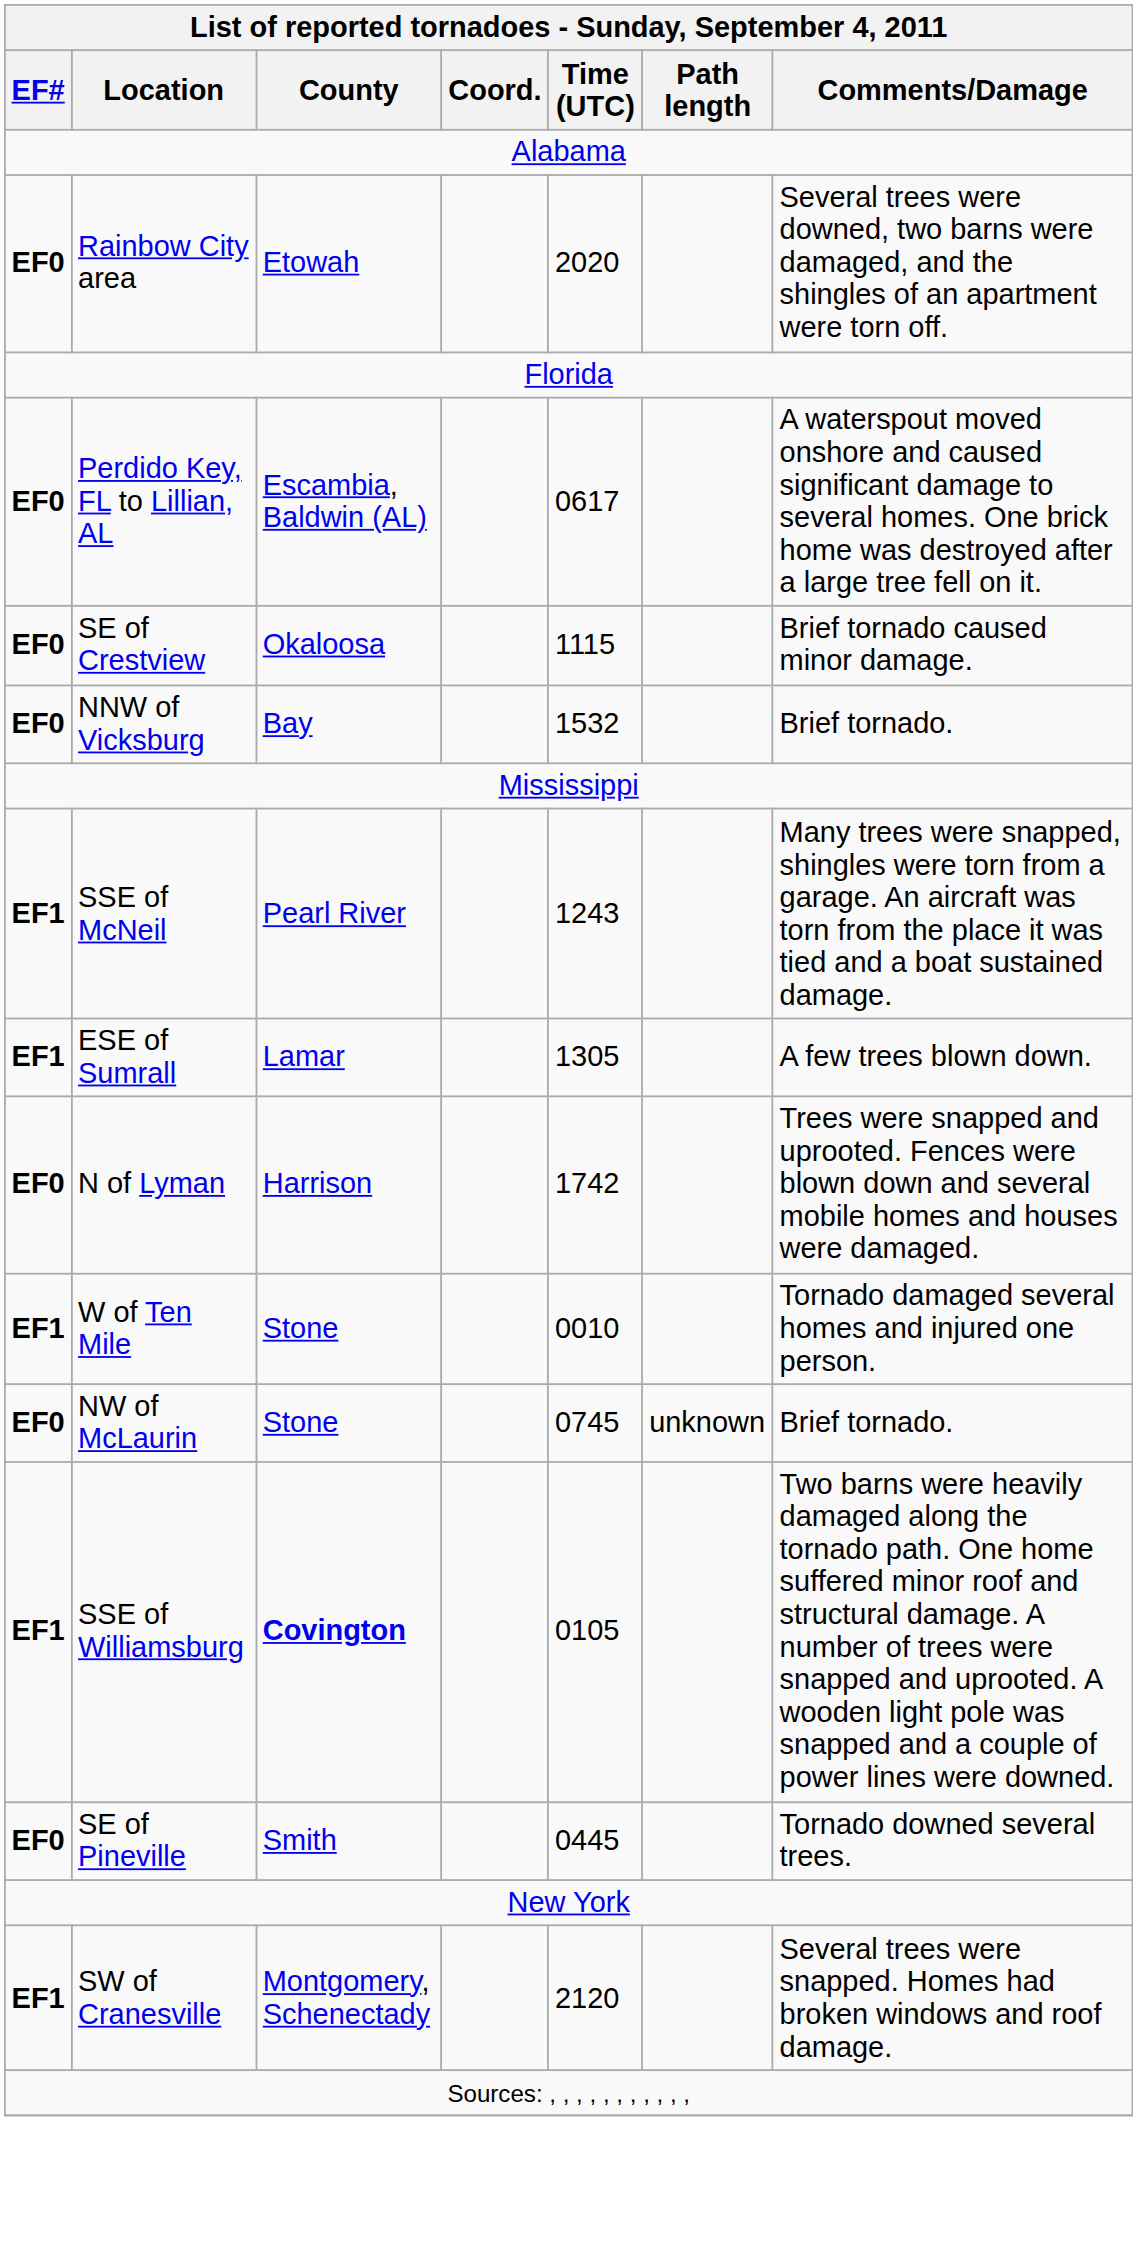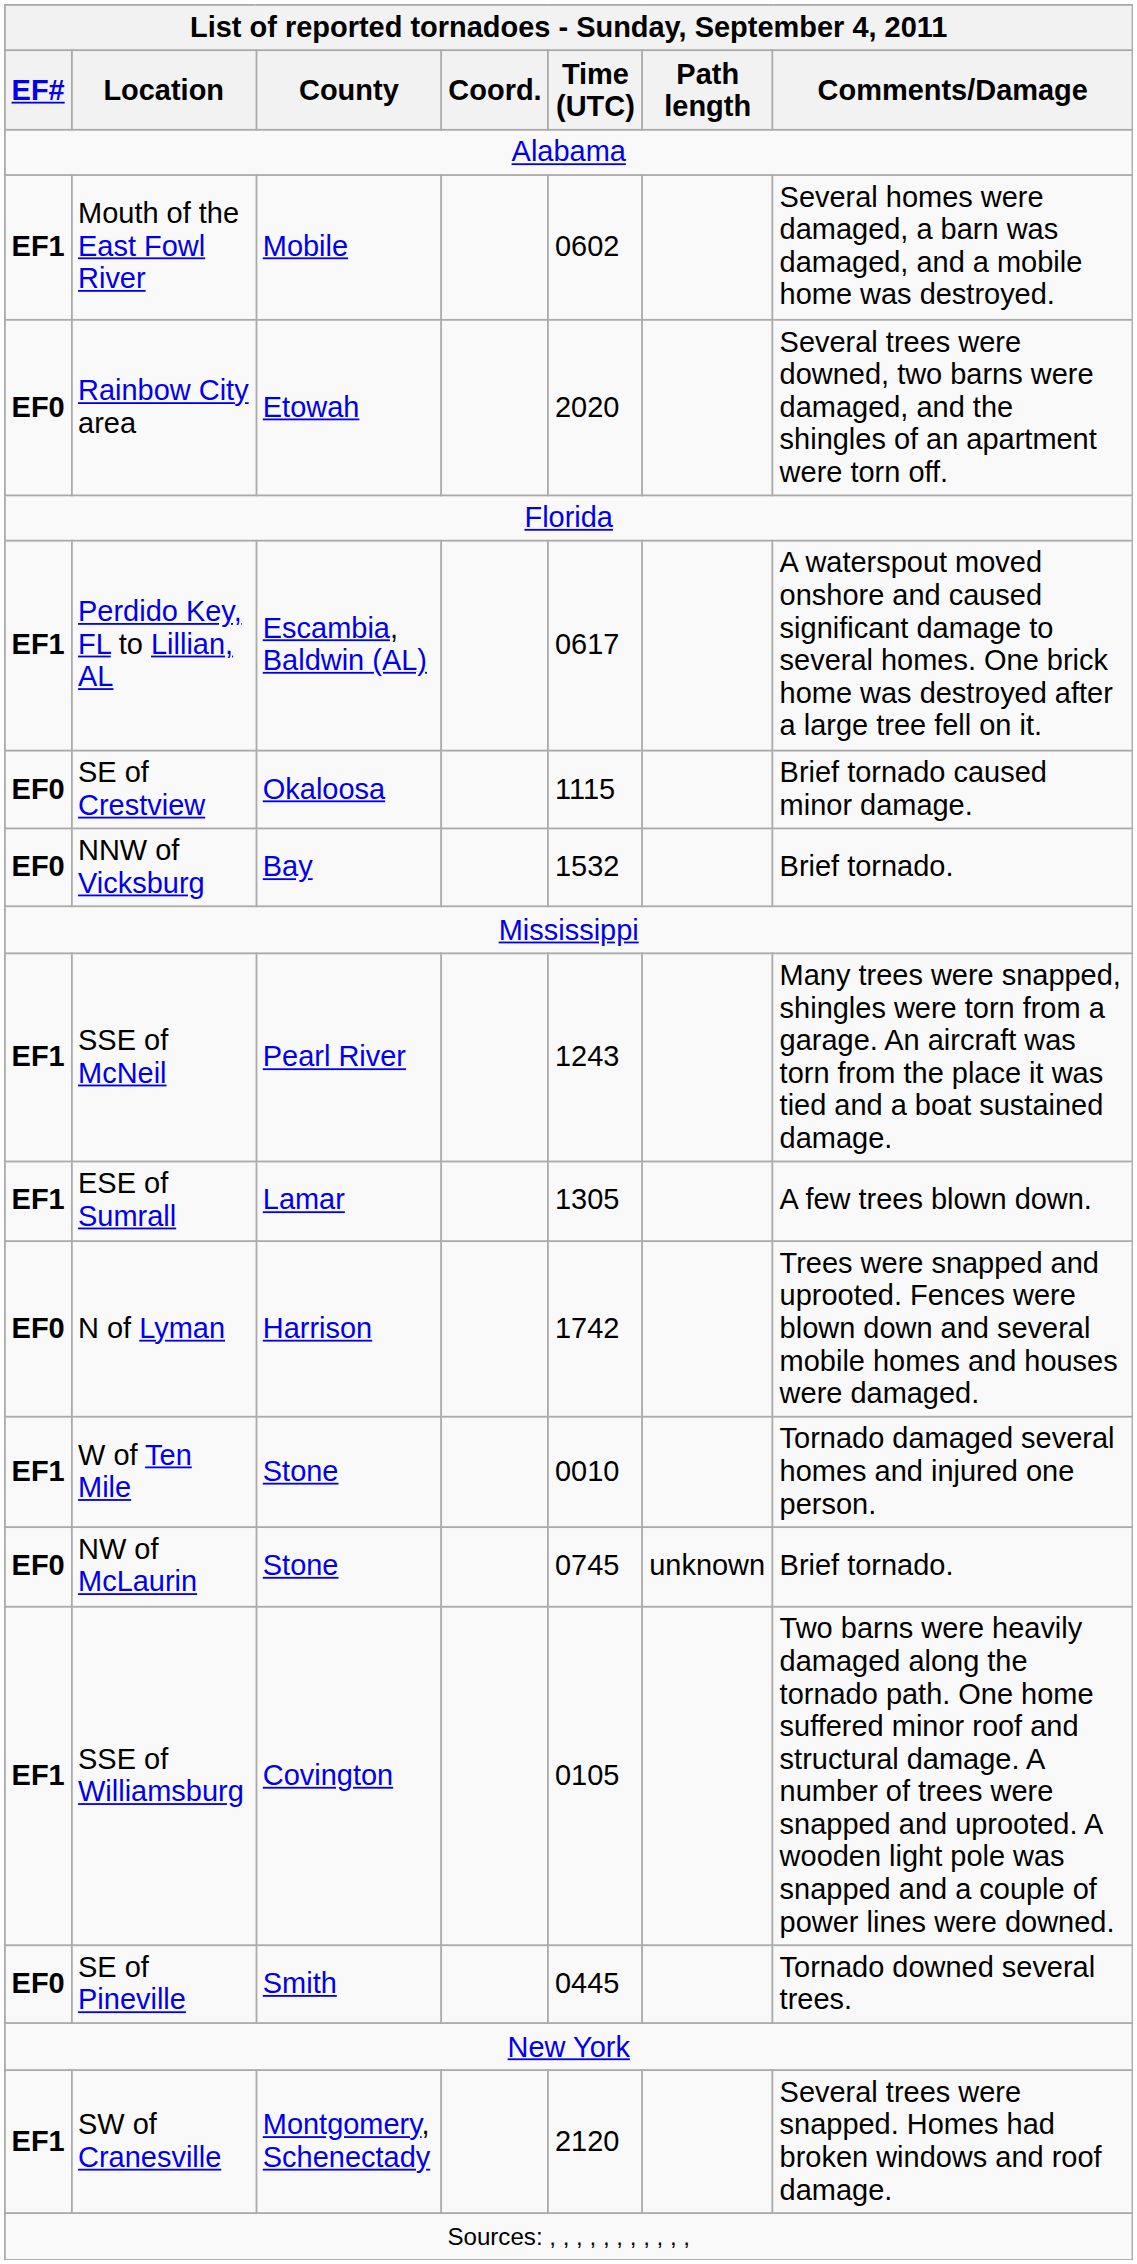 <table class="wikitable collapsible" width="100%">
 <tr>
 <th colspan="7">List of reported tornadoes - Sunday, September 4, 2011</th>
 </tr>
 <tr>
 <th><a href='#'>EF#</a></th>
 <th>Location</th>
 <th>County</th>
 <th>Coord.</th>
 <th>Time (UTC)</th>
 <th>Path length</th>
 <th>Comments/Damage</th>
 </tr>
 <tr>
 <td colspan="7" align=center><a href='#'>Alabama</a></td>
 </tr>
 <tr>
+<td><strong>EF1</strong></td>
+<td>Mouth of the <a href='#'>East Fowl River</a></td>
+<td><a href='#'>Mobile</a></td>
+<td></td>
+<td>0602</td>
+<td></td>
+<td>Several homes were damaged, a barn was damaged, and a mobile home was destroyed.</td>
+</tr>
+<tr>
 <td><strong>EF0</strong></td>
 <td><a href='#'>Rainbow City</a> area</td>
 <td><a href='#'>Etowah</a></td>
 <td></td>
 <td>2020</td>
 <td></td>
 <td>Several trees were downed, two barns were damaged, and the shingles of an apartment were torn off.</td>
 </tr>
 <tr>
 <td colspan="7" align=center><a href='#'>Florida</a></td>
 </tr>
 <tr>
-<td><strong>EF0</strong></td>
+<td><strong>EF1</strong></td>
 <td><a href='#'>Perdido Key, FL</a> to <a href='#'>Lillian, AL</a></td>
 <td><a href='#'>Escambia</a>, <a href='#'>Baldwin (AL)</a></td>
 <td></td>
 <td>0617</td>
 <td></td>
 <td>A waterspout moved onshore and caused significant damage to several homes. One brick home was destroyed after a large tree fell on it.</td>
 </tr>
 <tr>
 <td><strong>EF0</strong></td>
 <td>SE of <a href='#'>Crestview</a></td>
 <td><a href='#'>Okaloosa</a></td>
 <td></td>
 <td>1115</td>
 <td></td>
 <td>Brief tornado caused minor damage.</td>
 </tr>
 <tr>
 <td><strong>EF0</strong></td>
 <td>NNW of <a href='#'>Vicksburg</a></td>
 <td><a href='#'>Bay</a></td>
 <td></td>
 <td>1532</td>
 <td></td>
 <td>Brief tornado.</td>
 </tr>
 <tr>
 <td colspan="7" align=center><a href='#'>Mississippi</a></td>
 </tr>
 <tr>
 <td><strong>EF1</strong></td>
 <td>SSE of <a href='#'>McNeil</a></td>
 <td><a href='#'>Pearl River</a></td>
 <td></td>
 <td>1243</td>
 <td></td>
 <td>Many trees were snapped, shingles were torn from a garage. An aircraft was torn from the place it was tied and a boat sustained damage.</td>
 </tr>
 <tr>
 <td><strong>EF1</strong></td>
 <td>ESE of <a href='#'>Sumrall</a></td>
 <td><a href='#'>Lamar</a></td>
 <td></td>
 <td>1305</td>
 <td></td>
 <td>A few trees blown down.</td>
 </tr>
 <tr>
 <td><strong>EF0</strong></td>
 <td>N of <a href='#'>Lyman</a></td>
 <td><a href='#'>Harrison</a></td>
 <td></td>
 <td>1742</td>
 <td></td>
 <td>Trees were snapped and uprooted. Fences were blown down and several mobile homes and houses were damaged.</td>
 </tr>
 <tr>
 <td><strong>EF1</strong></td>
 <td>W of <a href='#'>Ten Mile</a></td>
 <td><a href='#'>Stone</a></td>
 <td></td>
 <td>0010</td>
 <td></td>
 <td>Tornado damaged several homes and injured one person.</td>
 </tr>
 <tr>
 <td><strong>EF0</strong></td>
 <td>NW of <a href='#'>McLaurin</a></td>
 <td><a href='#'>Stone</a></td>
 <td></td>
 <td>0745</td>
 <td>unknown</td>
 <td>Brief tornado.</td>
 </tr>
 <tr>
 <td><strong>EF1</strong></td>
 <td>SSE of <a href='#'>Williamsburg</a></td>
-<td><strong><a href='#'>Covington</a></strong></td>
+<td><a href='#'>Covington</a></td>
 <td></td>
 <td>0105</td>
 <td></td>
 <td>Two barns were heavily damaged along the tornado path. One home suffered minor roof and structural damage. A number of trees were snapped and uprooted. A wooden light pole was snapped and a couple of power lines were downed.</td>
 </tr>
 <tr>
 <td><strong>EF0</strong></td>
 <td>SE of <a href='#'>Pineville</a></td>
 <td><a href='#'>Smith</a></td>
 <td></td>
 <td>0445</td>
 <td></td>
 <td>Tornado downed several trees.</td>
 </tr>
 <tr>
 <td colspan="7" align=center><a href='#'>New York</a></td>
 </tr>
 <tr>
 <td><strong>EF1</strong></td>
 <td>SW of <a href='#'>Cranesville</a></td>
 <td><a href='#'>Montgomery</a>, <a href='#'>Schenectady</a></td>
 <td></td>
 <td>2120</td>
 <td></td>
 <td>Several trees were snapped. Homes had broken windows and roof damage.</td>
 </tr>
 <tr>
 <td colspan="7" align=center><small>Sources: , , , , , , , , , , , </small></td>
 </tr>
 <tr>
 </tr>
 </table>
